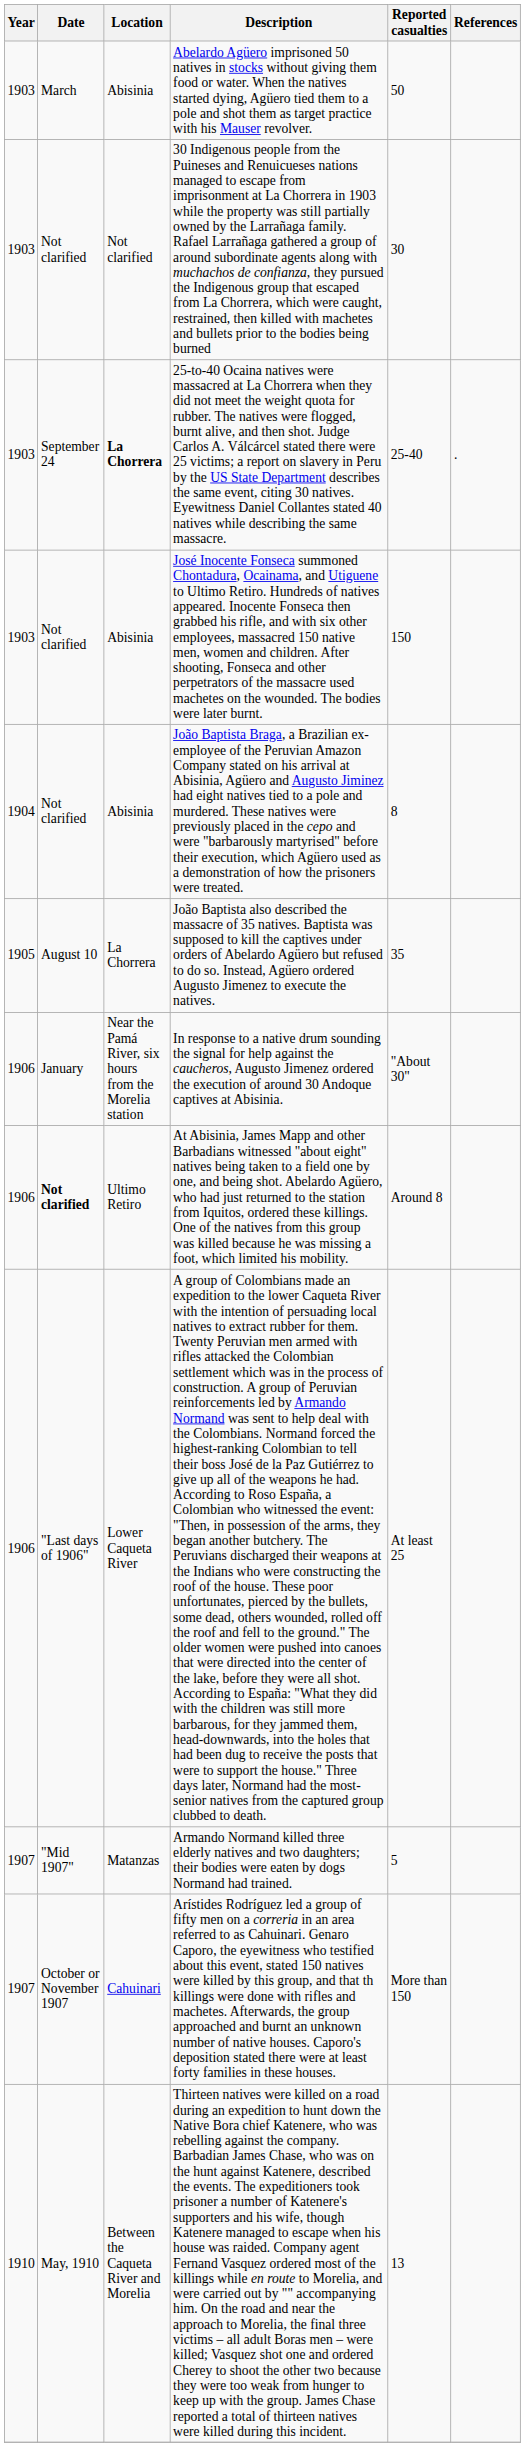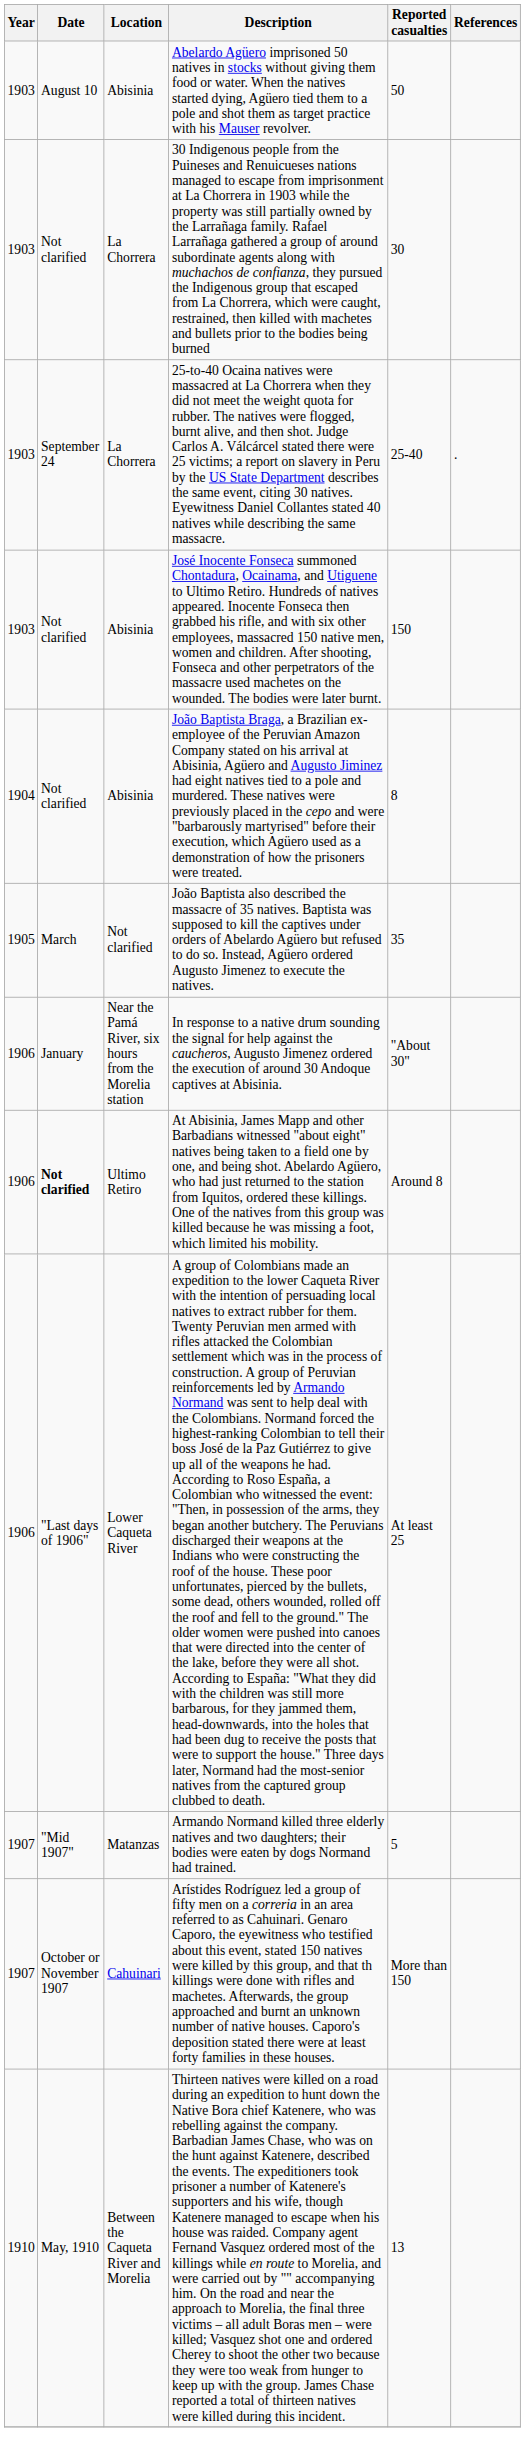 <table class="wikitable">
 <tr>
 <th>Year</th>
 <th>Date</th>
 <th>Location</th>
 <th>Description</th>
 <th>Reported casualties</th>
 <th>References</th>
 </tr>
 <tr>
 <td>1903</td>
-<td>March</td>
+<td>August 10</td>
 <td>Abisinia</td>
 <td><a href='#'>Abelardo Agüero</a> imprisoned 50 natives in <a href='#'>stocks</a> without giving them food or water. When the natives started dying, Agüero tied them to a pole and shot them as target practice with his <a href='#'>Mauser</a> revolver.</td>
 <td>50</td>
 <td></td>
 </tr>
 <tr>
 <td>1903</td>
 <td>Not clarified</td>
-<td>Not clarified</td>
+<td>La Chorrera</td>
 <td>30 Indigenous people from the Puineses and Renuicueses nations managed to escape from imprisonment at La Chorrera in 1903 while the property was still partially owned by the Larrañaga family. Rafael Larrañaga gathered a group of around subordinate agents along with <em>muchachos de confianza</em>, they pursued the Indigenous group that escaped from La Chorrera, which were caught, restrained, then killed with machetes and bullets prior to the bodies being burned</td>
 <td>30</td>
 <td></td>
 </tr>
 <tr>
 <td>1903</td>
 <td>September 24</td>
-<td><strong>La Chorrera</strong></td>
+<td>La Chorrera</td>
 <td>25-to-40 Ocaina natives were massacred at La Chorrera when they did not meet the weight quota for rubber. The natives were flogged, burnt alive, and then shot. Judge Carlos A. Válcárcel stated there were 25 victims; a report on slavery in Peru by the <a href='#'>US State Department</a> describes the same event, citing 30 natives. Eyewitness Daniel Collantes stated 40 natives while describing the same massacre.</td>
 <td>25-40</td>
 <td>.</td>
 </tr>
 <tr>
 <td>1903</td>
 <td>Not clarified</td>
 <td>Abisinia</td>
 <td><a href='#'>José Inocente Fonseca</a> summoned <a href='#'>Chontadura</a>, <a href='#'>Ocainama</a>, and <a href='#'>Utiguene</a> to Ultimo Retiro. Hundreds of natives appeared. Inocente Fonseca then grabbed his rifle, and with six other employees, massacred 150 native men, women and children. After shooting, Fonseca and other perpetrators of the massacre used machetes on the wounded. The bodies were later burnt.</td>
 <td>150</td>
 <td></td>
 </tr>
 <tr>
 <td>1904</td>
 <td>Not clarified</td>
 <td>Abisinia</td>
 <td><a href='#'>João Baptista Braga</a>, a Brazilian ex-employee of the Peruvian Amazon Company stated on his arrival at Abisinia, Agüero and <a href='#'>Augusto Jiminez</a> had eight natives tied to a pole and murdered. These natives were previously placed in the <em>cepo</em> and were "barbarously martyrised" before their execution, which Agüero used as a demonstration of how the prisoners were treated.</td>
 <td>8</td>
 <td></td>
 </tr>
 <tr>
 <td>1905</td>
-<td>August 10</td>
-<td>La Chorrera</td>
+<td>March</td>
+<td>Not clarified</td>
 <td>João Baptista also described the massacre of 35 natives. Baptista was supposed to kill the captives under orders of Abelardo Agüero but refused to do so. Instead, Agüero ordered Augusto Jimenez to execute the natives.</td>
 <td>35</td>
 <td></td>
 </tr>
 <tr>
 <td>1906</td>
 <td>January</td>
 <td>Near the Pamá River, six hours from the Morelia station</td>
 <td>In response to a native drum sounding the signal for help against the <em>caucheros</em>, Augusto Jimenez ordered the execution of around 30 Andoque captives at Abisinia.</td>
 <td>"About 30"</td>
 <td></td>
 </tr>
 <tr>
 <td>1906</td>
 <td><strong>Not clarified</strong></td>
 <td>Ultimo Retiro</td>
 <td>At Abisinia, James Mapp and other Barbadians witnessed "about eight" natives being taken to a field one by one, and being shot. Abelardo Agüero, who had just returned to the station from Iquitos, ordered these killings. One of the natives from this group was killed because he was missing a foot, which limited his mobility.</td>
 <td>Around 8</td>
 <td></td>
 </tr>
 <tr>
 <td>1906</td>
 <td>"Last days of 1906"</td>
 <td>Lower Caqueta River</td>
 <td>A group of Colombians made an expedition to the lower Caqueta River with the intention of persuading local natives to extract rubber for them. Twenty Peruvian men armed with rifles attacked the Colombian settlement which was in the process of construction. A group of Peruvian reinforcements led by <a href='#'>Armando Normand</a> was sent to help deal with the Colombians. Normand forced the highest-ranking Colombian to tell their boss José de la Paz Gutiérrez to give up all of the weapons he had. According to Roso España, a Colombian who witnessed the event: "Then, in possession of the arms, they began another butchery. The Peruvians discharged their weapons at the Indians who were constructing the roof of the house. These poor unfortunates, pierced by the bullets, some dead, others wounded, rolled off the roof and fell to the ground." The older women were pushed into canoes that were directed into the center of the lake, before they were all shot. According to España: "What they did with the children was still more barbarous, for they jammed them, head-downwards, into the holes that had been dug to receive the posts that were to support the house." Three days later, Normand had the most-senior natives from the captured group clubbed to death.</td>
 <td>At least 25</td>
 <td></td>
 </tr>
 <tr>
 <td>1907</td>
 <td>"Mid 1907"</td>
 <td>Matanzas</td>
 <td>Armando Normand killed three elderly natives and two daughters; their bodies were eaten by dogs Normand had trained.</td>
 <td>5</td>
 <td></td>
 </tr>
 <tr>
 <td>1907</td>
 <td>October or November 1907</td>
 <td><a href='#'>Cahuinari</a></td>
 <td>Arístides Rodríguez led a group of fifty men on a <em>correria</em> in an area referred to as Cahuinari. Genaro Caporo, the eyewitness who testified about this event, stated 150 natives were killed by this group, and that th killings were done with rifles and machetes. Afterwards, the group approached and burnt an unknown number of native houses. Caporo's deposition stated there were at least forty families in these houses.</td>
 <td>More than 150</td>
 <td></td>
 </tr>
 <tr>
 <td>1910</td>
 <td>May, 1910</td>
 <td>Between the Caqueta River and Morelia</td>
 <td>Thirteen natives were killed on a road during an expedition to hunt down the Native Bora chief Katenere, who was rebelling against the company. Barbadian James Chase, who was on the hunt against Katenere, described the events. The expeditioners took prisoner a number of Katenere's supporters and his wife, though Katenere managed to escape when his house was raided. Company agent Fernand Vasquez ordered most of the killings while <em>en route</em> to Morelia, and were carried out by "" accompanying him. On the road and near the approach to Morelia, the final three victims – all adult Boras men – were killed; Vasquez shot one and ordered Cherey to shoot the other two because they were too weak from hunger to keep up with the group. James Chase reported a total of thirteen natives were killed during this incident.</td>
 <td>13</td>
 <td></td>
 </tr>
 <tr>
 </tr>
 </table>
